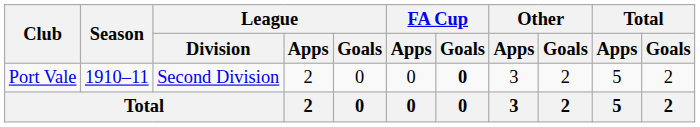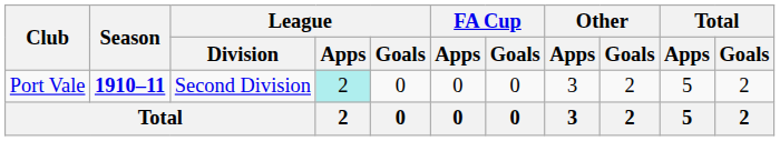 <table class="wikitable" style="text-align:center">
 <tr>
 <th rowspan="2">Club</th>
 <th rowspan="2">Season</th>
 <th colspan="3">League</th>
 <th colspan="2"><a href='#'>FA Cup</a></th>
 <th colspan="2">Other</th>
 <th colspan="2">Total</th>
 </tr>
 <tr>
 <th>Division</th>
 <th>Apps</th>
 <th>Goals</th>
 <th>Apps</th>
 <th>Goals</th>
 <th>Apps</th>
 <th>Goals</th>
 <th>Apps</th>
 <th>Goals</th>
 </tr>
 <tr>
 <td><a href='#'>Port Vale</a></td>
-<td><a href='#'>1910–11</a></td>
+<td><strong><a href='#'>1910–11</a></strong></td>
 <td><a href='#'>Second Division</a></td>
-<td>2</td>
+<td style="background: paleturquoise;">2</td>
 <td>0</td>
 <td>0</td>
-<td><strong>0</strong></td>
+<td>0</td>
 <td>3</td>
 <td>2</td>
 <td>5</td>
 <td>2</td>
 </tr>
 <tr>
 <th colspan="3">Total</th>
 <th>2</th>
 <th>0</th>
 <th>0</th>
 <th>0</th>
 <th>3</th>
 <th>2</th>
 <th>5</th>
 <th>2</th>
 </tr>
 </table>
